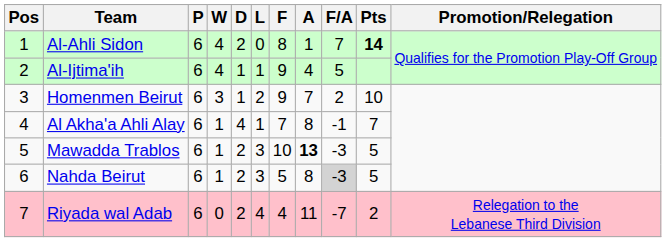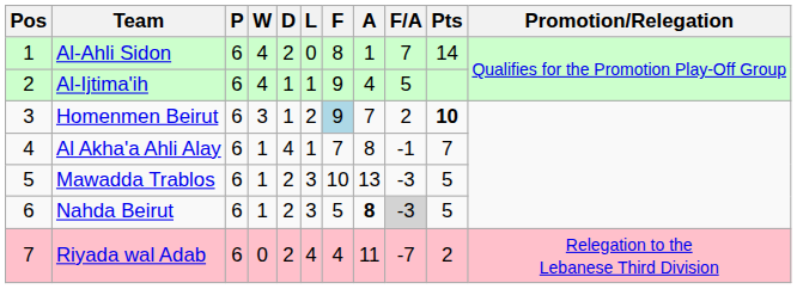 <table class="wikitable" border="1">
 <tr>
 <th>Pos</th>
 <th>Team</th>
 <th align=center>P</th>
 <th align=center>W</th>
 <th align=center>D</th>
 <th align=center>L</th>
 <th>F</th>
 <th>A</th>
 <th>F/A</th>
 <th>Pts</th>
 <th>Promotion/Relegation</th>
 </tr>
 <tr bgcolor=#ccffcc>
 <td align=center>1</td>
 <td><a href='#'>Al-Ahli Sidon</a></td>
 <td align=center>6</td>
 <td align=center>4</td>
 <td align=center>2</td>
 <td align=center>0</td>
 <td align=center>8</td>
 <td align=center>1</td>
 <td align=center>7</td>
-<td align=center><strong>14</strong></td>
+<td align=center>14</td>
 <td rowspan=2 align=center><small> <a href='#'>Qualifies for the Promotion Play-Off Group</a> </small></td>
 </tr>
 <tr bgcolor=#ccffcc>
 <td align=center>2</td>
 <td><a href='#'>Al-Ijtima'ih</a></td>
 <td align=center>6</td>
 <td align=center>4</td>
 <td align=center>1</td>
 <td align=center>1</td>
 <td align=center>9</td>
 <td align=center>4</td>
 <td align=center>5</td>
 <td align=center></td>
 </tr>
 <tr>
 <td align=center>3</td>
 <td><a href='#'>Homenmen Beirut</a></td>
 <td align=center>6</td>
 <td align=center>3</td>
 <td align=center>1</td>
 <td align=center>2</td>
-<td align=center>9</td>
+<td align=center style="background: lightblue;">9</td>
 <td align=center>7</td>
 <td align=center>2</td>
-<td align=center>10</td>
+<td align=center><strong>10</strong></td>
 <td rowspan=4></td>
 </tr>
 <tr>
 <td align=center>4</td>
 <td><a href='#'>Al Akha'a Ahli Alay</a></td>
 <td align=center>6</td>
 <td align=center>1</td>
 <td align=center>4</td>
 <td align=center>1</td>
 <td align=center>7</td>
 <td align=center>8</td>
 <td align=center>-1</td>
 <td align=center>7</td>
 </tr>
 <tr>
 <td align=center>5</td>
 <td><a href='#'>Mawadda Trablos</a></td>
 <td align=center>6</td>
 <td align=center>1</td>
 <td align=center>2</td>
 <td align=center>3</td>
 <td align=center>10</td>
-<td align=center><strong>13</strong></td>
+<td align=center>13</td>
 <td align=center>-3</td>
 <td align=center>5</td>
 </tr>
 <tr>
 <td align=center>6</td>
 <td><a href='#'>Nahda Beirut</a></td>
 <td align=center>6</td>
 <td align=center>1</td>
 <td align=center>2</td>
 <td align=center>3</td>
 <td align=center>5</td>
-<td align=center>8</td>
+<td align=center><strong>8</strong></td>
 <td align=center style="background: lightgrey;">-3</td>
 <td align=center>5</td>
 </tr>
 <tr bgcolor=pink>
 <td align=center>7</td>
 <td><a href='#'>Riyada wal Adab</a></td>
 <td align=center>6</td>
 <td align=center>0</td>
 <td align=center>2</td>
 <td align=center>4</td>
 <td align=center>4</td>
 <td align=center>11</td>
 <td align=center>-7</td>
 <td align=center>2</td>
 <td align=center><small> <a href='#'>Relegation to the <br> Lebanese Third Division</a></small></td>
 </tr>
 </table>
